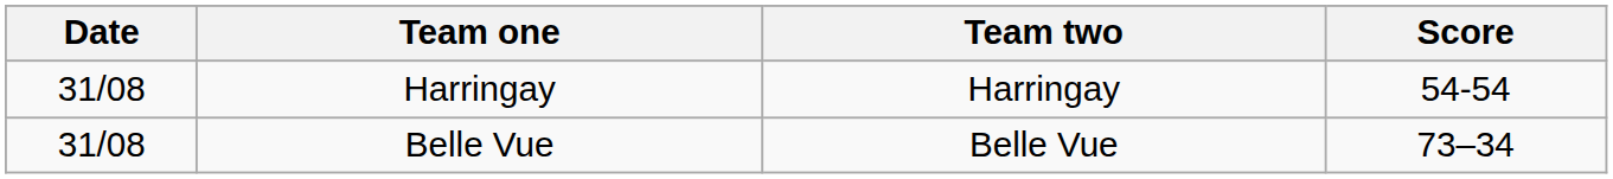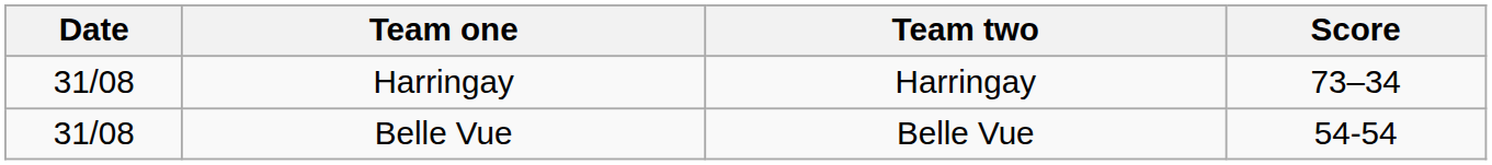 <table class="wikitable" style="text-align: center">
 <tr>
 <th width=80>Date</th>
 <th width=250>Team one</th>
 <th width=250>Team two</th>
 <th width=120>Score</th>
 </tr>
 <tr>
 <td>31/08</td>
 <td>Harringay</td>
 <td>Harringay</td>
-<td>54-54</td>
+<td>73–34</td>
 </tr>
 <tr>
 <td>31/08</td>
 <td>Belle Vue</td>
 <td>Belle Vue</td>
-<td>73–34</td>
+<td>54-54</td>
 </tr>
 </table>
